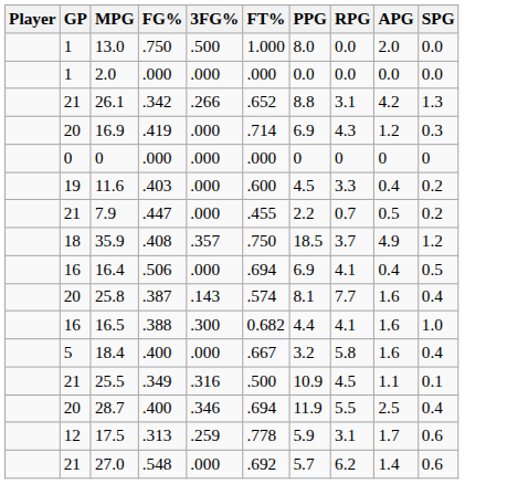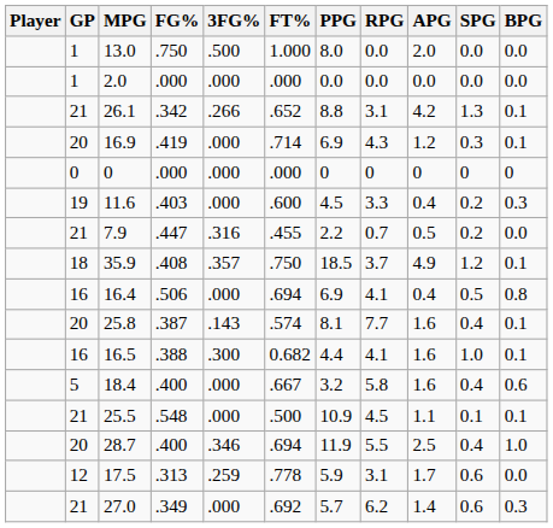 <table class="wikitable sortable" style="font-size: 90%">
 <tr>
 <th>Player</th>
 <th>GP</th>
 <th>MPG</th>
 <th>FG%</th>
 <th>3FG%</th>
 <th>FT%</th>
 <th>PPG</th>
 <th>RPG</th>
 <th>APG</th>
 <th>SPG</th>
+<th>BPG</th>
 </tr>
 <tr>
 <td></td>
 <td>1</td>
 <td>13.0</td>
 <td>.750</td>
 <td>.500</td>
 <td>1.000</td>
 <td>8.0</td>
 <td>0.0</td>
 <td>2.0</td>
 <td>0.0</td>
+<td>0.0</td>
 </tr>
 <tr>
 <td></td>
 <td>1</td>
 <td>2.0</td>
 <td>.000</td>
 <td>.000</td>
 <td>.000</td>
+<td>0.0</td>
 <td>0.0</td>
 <td>0.0</td>
 <td>0.0</td>
 <td>0.0</td>
 </tr>
 <tr>
 <td></td>
 <td>21</td>
 <td>26.1</td>
 <td>.342</td>
 <td>.266</td>
 <td>.652</td>
 <td>8.8</td>
 <td>3.1</td>
 <td>4.2</td>
 <td>1.3</td>
+<td>0.1</td>
 </tr>
 <tr>
 <td></td>
 <td>20</td>
 <td>16.9</td>
 <td>.419</td>
 <td>.000</td>
 <td>.714</td>
 <td>6.9</td>
 <td>4.3</td>
 <td>1.2</td>
 <td>0.3</td>
+<td>0.1</td>
 </tr>
 <tr>
 <td></td>
 <td>0</td>
 <td>0</td>
 <td>.000</td>
 <td>.000</td>
 <td>.000</td>
+<td>0</td>
 <td>0</td>
 <td>0</td>
 <td>0</td>
 <td>0</td>
 </tr>
 <tr>
 <td></td>
 <td>19</td>
 <td>11.6</td>
 <td>.403</td>
 <td>.000</td>
 <td>.600</td>
 <td>4.5</td>
 <td>3.3</td>
 <td>0.4</td>
 <td>0.2</td>
+<td>0.3</td>
 </tr>
 <tr>
 <td></td>
 <td>21</td>
 <td>7.9</td>
 <td>.447</td>
-<td>.000</td>
+<td>.316</td>
 <td>.455</td>
 <td>2.2</td>
 <td>0.7</td>
 <td>0.5</td>
 <td>0.2</td>
+<td>0.0</td>
 </tr>
 <tr>
 <td></td>
 <td>18</td>
 <td>35.9</td>
 <td>.408</td>
 <td>.357</td>
 <td>.750</td>
 <td>18.5</td>
 <td>3.7</td>
 <td>4.9</td>
 <td>1.2</td>
+<td>0.1</td>
 </tr>
 <tr>
 <td></td>
 <td>16</td>
 <td>16.4</td>
 <td>.506</td>
 <td>.000</td>
 <td>.694</td>
 <td>6.9</td>
 <td>4.1</td>
 <td>0.4</td>
 <td>0.5</td>
+<td>0.8</td>
 </tr>
 <tr>
 <td></td>
 <td>20</td>
 <td>25.8</td>
 <td>.387</td>
 <td>.143</td>
 <td>.574</td>
 <td>8.1</td>
 <td>7.7</td>
 <td>1.6</td>
 <td>0.4</td>
+<td>0.1</td>
 </tr>
 <tr>
 <td></td>
 <td>16</td>
 <td>16.5</td>
 <td>.388</td>
 <td>.300</td>
 <td>0.682</td>
 <td>4.4</td>
 <td>4.1</td>
 <td>1.6</td>
 <td>1.0</td>
+<td>0.1</td>
 </tr>
 <tr>
 <td></td>
 <td>5</td>
 <td>18.4</td>
 <td>.400</td>
 <td>.000</td>
 <td>.667</td>
 <td>3.2</td>
 <td>5.8</td>
 <td>1.6</td>
 <td>0.4</td>
+<td>0.6</td>
 </tr>
 <tr>
 <td></td>
 <td>21</td>
 <td>25.5</td>
-<td>.349</td>
-<td>.316</td>
+<td>.548</td>
+<td>.000</td>
 <td>.500</td>
 <td>10.9</td>
 <td>4.5</td>
 <td>1.1</td>
+<td>0.1</td>
 <td>0.1</td>
 </tr>
 <tr>
 <td></td>
 <td>20</td>
 <td>28.7</td>
 <td>.400</td>
 <td>.346</td>
 <td>.694</td>
 <td>11.9</td>
 <td>5.5</td>
 <td>2.5</td>
 <td>0.4</td>
+<td>1.0</td>
 </tr>
 <tr>
 <td></td>
 <td>12</td>
 <td>17.5</td>
 <td>.313</td>
 <td>.259</td>
 <td>.778</td>
 <td>5.9</td>
 <td>3.1</td>
 <td>1.7</td>
 <td>0.6</td>
+<td>0.0</td>
 </tr>
 <tr>
 <td></td>
 <td>21</td>
 <td>27.0</td>
-<td>.548</td>
+<td>.349</td>
 <td>.000</td>
 <td>.692</td>
 <td>5.7</td>
 <td>6.2</td>
 <td>1.4</td>
 <td>0.6</td>
+<td>0.3</td>
 </tr>
 </table>
